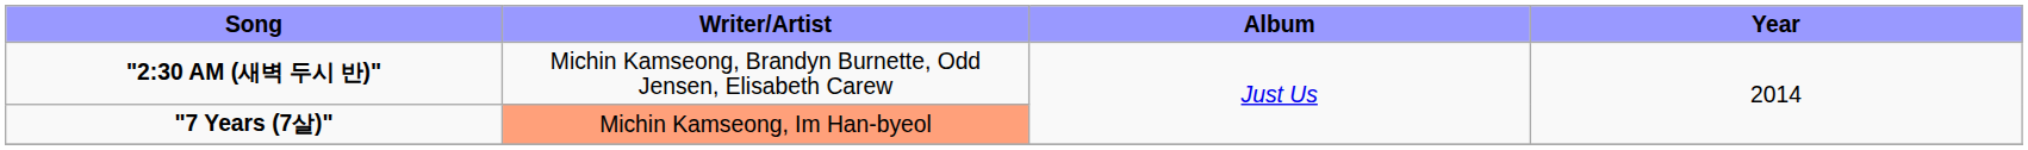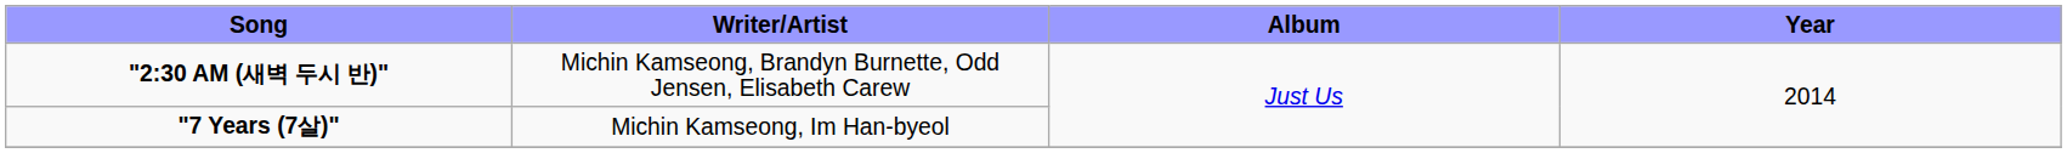 <table class="wikitable" style="margin:0.5em auto; clear:both; font-size:.9em; text-align:center; width:100%">
 <tr>
 <th width="500" style="background: #99F;">Song</th>
 <th width="500" style="background: #99F;">Writer/Artist</th>
 <th width="500" style="background: #99F;">Album</th>
 <th width="500" style="background: #99F;">Year</th>
 </tr>
 <tr>
 <td><strong>"2:30 AM (새벽 두시 반)"</strong></td>
 <td>Michin Kamseong, Brandyn Burnette, Odd Jensen, Elisabeth Carew</td>
 <td rowspan=2><em><a href='#'>Just Us</a></em></td>
 <td rowspan=2>2014</td>
 </tr>
 <tr>
 <td><strong>"7 Years (7살)"</strong></td>
-<td style="background: lightsalmon;">Michin Kamseong, Im Han-byeol</td>
+<td>Michin Kamseong, Im Han-byeol</td>
 </tr>
 <tr>
 </tr>
 </table>
